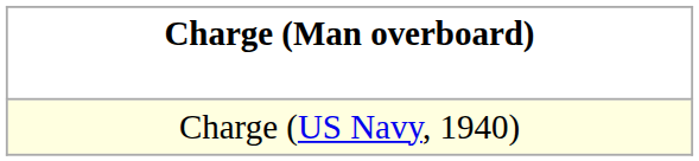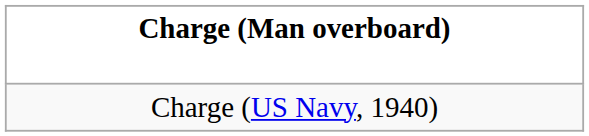 <table class="wikitable" style="float:right; margin-left:.2em; width:20em; text-align:center;">
 <tr>
 <td style="background-color:#fff"><strong>Charge  (Man overboard)</strong><br><br></td>
 </tr>
 <tr>
-<td style="background: lightyellow;"><span>Charge (<a href='#'>US Navy</a>, 1940)</span></td>
+<td><span>Charge (<a href='#'>US Navy</a>, 1940)</span></td>
 </tr>
 </table>
